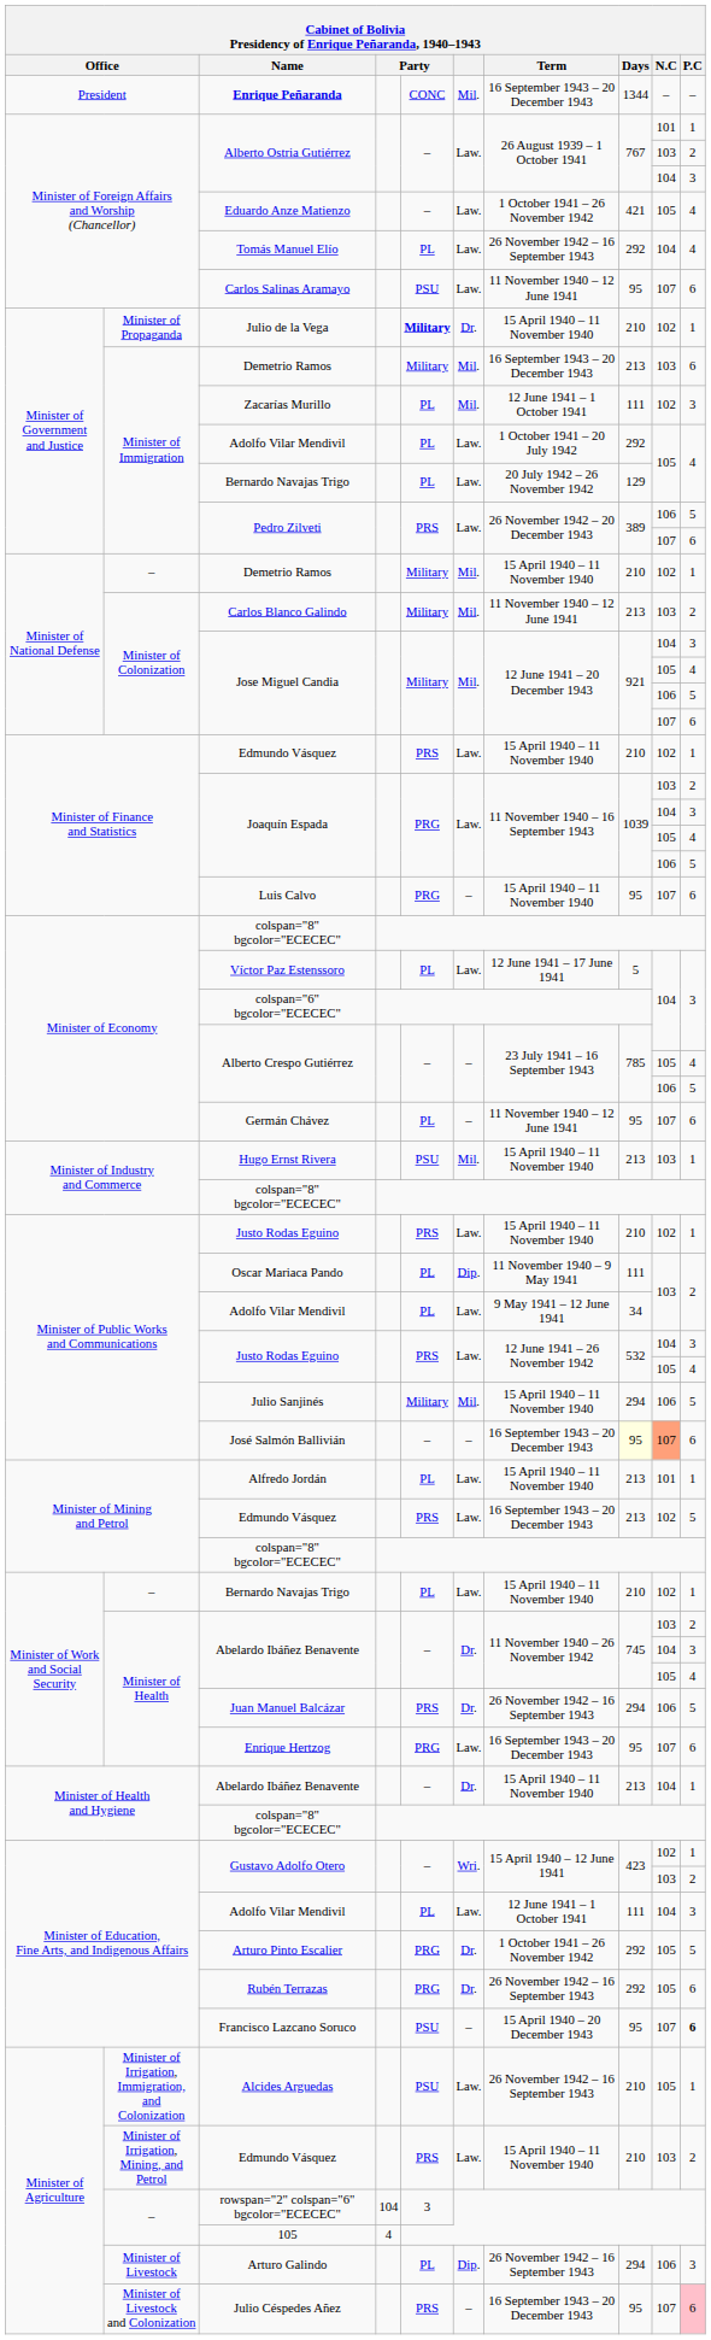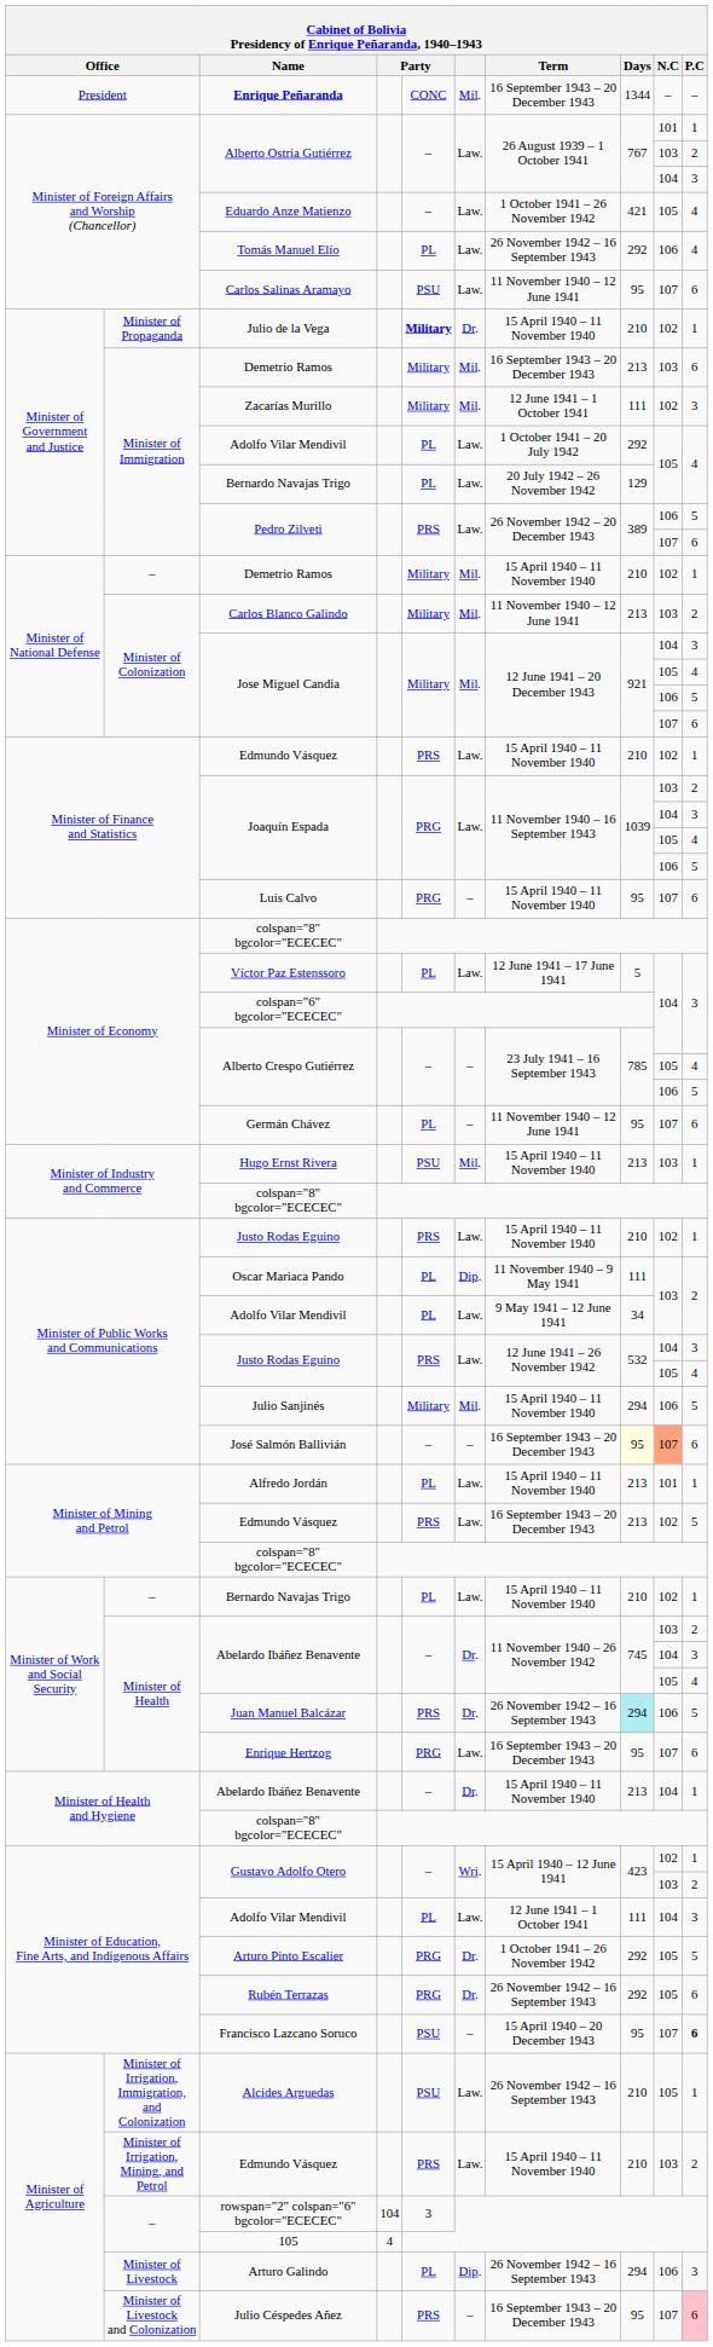 <table class="wikitable" style="text-align:center;">
 <tr>
 <th colspan="10" style="background-color:"><br><a href='#'>Cabinet of Bolivia</a><br>Presidency of <a href='#'>Enrique Peñaranda</a>, 1940–1943</th>
 </tr>
 <tr style="font-weight:bold;">
 <th colspan="2">Office</th>
 <th>Name</th>
 <th colspan="2">Party</th>
 <th></th>
 <th>Term</th>
 <th>Days</th>
 <th>N.C</th>
 <th>P.C<br></th>
 </tr>
 <tr style="height:3em;">
 <td colspan="2"><a href='#'>President</a></td>
 <td><strong><a href='#'>Enrique Peñaranda</a></strong></td>
 <td style="background:"></td>
 <td><a href='#'>CONC</a></td>
 <td><a href='#'>Mil</a>.</td>
 <td>16 September 1943 – 20 December 1943</td>
 <td>1344</td>
 <td>–</td>
 <td>–<br></td>
 </tr>
 <tr style="height:2em;">
 <td colspan="2" rowspan="6"><a href='#'>Minister of Foreign Affairs<br>and Worship</a><br><em>(Chancellor)</em></td>
 <td rowspan="3"><a href='#'>Alberto Ostria Gutiérrez</a></td>
 <td rowspan="3" style="background:"></td>
 <td rowspan="3">–</td>
 <td rowspan="3">Law.</td>
 <td rowspan="3">26 August 1939 – 1 October 1941</td>
 <td rowspan="3">767</td>
 <td>101</td>
 <td>1</td>
 </tr>
 <tr style="height:2em;">
 <td>103</td>
 <td>2</td>
 </tr>
 <tr style="height:2em;">
 <td>104</td>
 <td>3</td>
 </tr>
 <tr style="height:3em;">
 <td><a href='#'>Eduardo Anze Matienzo</a></td>
 <td style="background:"></td>
 <td>–</td>
 <td>Law.</td>
 <td>1 October 1941 – 26 November 1942</td>
 <td>421</td>
 <td>105</td>
 <td>4</td>
 </tr>
 <tr style="height:3em;">
 <td><a href='#'>Tomás Manuel Elío</a></td>
 <td style="background:"></td>
 <td><a href='#'>PL</a></td>
 <td>Law.</td>
 <td>26 November 1942 – 16 September 1943</td>
 <td>292</td>
-<td>104</td>
+<td>106</td>
 <td>4</td>
 </tr>
 <tr style="height:3em;">
 <td><a href='#'>Carlos Salinas Aramayo</a></td>
 <td style="background:"></td>
 <td><a href='#'>PSU</a></td>
 <td>Law.</td>
 <td>11 November 1940 – 12 June 1941</td>
 <td>95</td>
 <td>107</td>
 <td>6<br></td>
 </tr>
 <tr style="height:3em;">
 <td rowspan="7"><a href='#'>Minister of Government<br>and Justice</a></td>
 <td><a href='#'>Minister of<br>Propaganda</a></td>
 <td>Julio de la Vega</td>
 <td style="background:"></td>
 <td><strong><a href='#'>Military</a></strong></td>
 <td><a href='#'>Dr</a>.</td>
 <td>15 April 1940 – 11 November 1940</td>
 <td>210</td>
 <td>102</td>
 <td>1</td>
 </tr>
 <tr style="height:3em;">
 <td rowspan="6"><a href='#'>Minister of<br>Immigration</a></td>
 <td>Demetrio Ramos</td>
 <td style="background:"></td>
 <td><a href='#'>Military</a></td>
 <td><a href='#'>Mil</a>.</td>
 <td>16 September 1943 – 20 December 1943</td>
 <td>213</td>
 <td>103</td>
 <td>6</td>
 </tr>
 <tr style="height:3em;">
 <td>Zacarías Murillo</td>
 <td style="background:"></td>
-<td><a href='#'>PL</a></td>
+<td><a href='#'>Military</a></td>
 <td><a href='#'>Mil</a>.</td>
 <td>12 June 1941 – 1 October 1941</td>
 <td>111</td>
 <td>102</td>
 <td>3</td>
 </tr>
 <tr style="height:3em;">
 <td>Adolfo Vilar Mendivil</td>
 <td style="background:"></td>
 <td><a href='#'>PL</a></td>
 <td>Law.</td>
 <td>1 October 1941 – 20 July 1942</td>
 <td>292</td>
 <td rowspan="2">105</td>
 <td rowspan="2">4</td>
 </tr>
 <tr style="height:3em;">
 <td>Bernardo Navajas Trigo</td>
 <td style="background:"></td>
 <td><a href='#'>PL</a></td>
 <td>Law.</td>
 <td>20 July 1942 – 26 November 1942</td>
 <td>129</td>
 </tr>
 <tr style="height:2em;">
 <td rowspan="2"><a href='#'>Pedro Zilveti</a></td>
 <td rowspan="2" style="background:"></td>
 <td rowspan="2"><a href='#'>PRS</a></td>
 <td rowspan="2">Law.</td>
 <td rowspan="2">26 November 1942 – 20 December 1943</td>
 <td rowspan="2">389</td>
 <td>106</td>
 <td>5</td>
 </tr>
 <tr style="height:2em;">
 <td>107</td>
 <td>6<br></td>
 </tr>
 <tr style="height:3em;">
 <td rowspan="6"><a href='#'>Minister of<br>National Defense</a></td>
 <td>–</td>
 <td>Demetrio Ramos</td>
 <td style="background:"></td>
 <td><a href='#'>Military</a></td>
 <td><a href='#'>Mil</a>.</td>
 <td>15 April 1940 – 11 November 1940</td>
 <td>210</td>
 <td>102</td>
 <td>1</td>
 </tr>
 <tr style="height:3em;">
 <td rowspan="5"><a href='#'>Minister of<br>Colonization</a></td>
 <td><a href='#'>Carlos Blanco Galindo</a></td>
 <td style="background:"></td>
 <td><a href='#'>Military</a></td>
 <td><a href='#'>Mil</a>.</td>
 <td>11 November 1940 – 12 June 1941</td>
 <td>213</td>
 <td>103</td>
 <td>2</td>
 </tr>
 <tr style="height:2em;">
 <td rowspan="4">Jose Miguel Candia</td>
 <td rowspan="4" style="background:"></td>
 <td rowspan="4"><a href='#'>Military</a></td>
 <td rowspan="4"><a href='#'>Mil</a>.</td>
 <td rowspan="4">12 June 1941 – 20 December 1943</td>
 <td rowspan="4">921</td>
 <td>104</td>
 <td>3</td>
 </tr>
 <tr style="height:2em;">
 <td>105</td>
 <td>4</td>
 </tr>
 <tr style="height:2em;">
 <td>106</td>
 <td>5</td>
 </tr>
 <tr style="height:2em;">
 <td>107</td>
 <td>6<br></td>
 </tr>
 <tr style="height:3em;">
 <td colspan="2" rowspan="6"><a href='#'>Minister of Finance<br>and Statistics</a></td>
 <td>Edmundo Vásquez</td>
 <td style="background:"></td>
 <td><a href='#'>PRS</a></td>
 <td>Law.</td>
 <td>15 April 1940 – 11 November 1940</td>
 <td>210</td>
 <td>102</td>
 <td>1</td>
 </tr>
 <tr style="height:2em;">
 <td rowspan="4">Joaquín Espada</td>
 <td rowspan="4" style="background:"></td>
 <td rowspan="4"><a href='#'>PRG</a></td>
 <td rowspan="4">Law.</td>
 <td rowspan="4">11 November 1940 – 16 September 1943</td>
 <td rowspan="4">1039</td>
 <td>103</td>
 <td>2</td>
 </tr>
 <tr style="height:2em;">
 <td>104</td>
 <td>3</td>
 </tr>
 <tr style="height:2em;">
 <td>105</td>
 <td>4</td>
 </tr>
 <tr style="height:2em;">
 <td>106</td>
 <td>5</td>
 </tr>
 <tr style="height:3em;">
 <td>Luis Calvo</td>
 <td style="background:"></td>
 <td><a href='#'>PRG</a></td>
 <td>–</td>
 <td>15 April 1940 – 11 November 1940</td>
 <td>95</td>
 <td>107</td>
 <td>6<br></td>
 </tr>
 <tr>
 <td colspan="2" rowspan="7"><a href='#'>Minister of Economy</a></td>
 <td>colspan="8" bgcolor="ECECEC" </td>
 </tr>
 <tr style="height:3em;">
 <td><a href='#'>Víctor Paz Estenssoro</a></td>
 <td style="background:"></td>
 <td><a href='#'>PL</a></td>
 <td>Law.</td>
 <td>12 June 1941 – 17 June 1941</td>
 <td>5</td>
 <td rowspan="3">104</td>
 <td rowspan="3">3</td>
 </tr>
 <tr>
 <td>colspan="6" bgcolor="ECECEC" </td>
 </tr>
 <tr style="height:2em;">
 <td rowspan="3">Alberto Crespo Gutiérrez</td>
 <td rowspan="3" style="background:"></td>
 <td rowspan="3">–</td>
 <td rowspan="3">–</td>
 <td rowspan="3">23 July 1941 – 16 September 1943</td>
 <td rowspan="3">785</td>
 </tr>
 <tr style="height:2em;">
 <td>105</td>
 <td>4</td>
 </tr>
 <tr style="height:2em;">
 <td>106</td>
 <td>5</td>
 </tr>
 <tr style="height:3em;">
 <td>Germán Chávez</td>
 <td style="background:"></td>
 <td><a href='#'>PL</a></td>
 <td>–</td>
 <td>11 November 1940 – 12 June 1941</td>
 <td>95</td>
 <td>107</td>
 <td>6<br></td>
 </tr>
 <tr style="height:3em;">
 <td colspan="2" rowspan="2"><a href='#'>Minister of Industry<br>and Commerce</a></td>
 <td><a href='#'>Hugo Ernst Rivera</a></td>
 <td style="background:"></td>
 <td><a href='#'>PSU</a></td>
 <td><a href='#'>Mil</a>.</td>
 <td>15 April 1940 – 11 November 1940</td>
 <td>213</td>
 <td>103</td>
 <td>1</td>
 </tr>
 <tr>
 <td>colspan="8" bgcolor="ECECEC" <br></td>
 </tr>
 <tr style="height:3em;">
 <td colspan="2" rowspan="7"><a href='#'>Minister of Public Works<br>and Communications</a></td>
 <td><a href='#'>Justo Rodas Eguino</a></td>
 <td style="background:"></td>
 <td><a href='#'>PRS</a></td>
 <td>Law.</td>
 <td>15 April 1940 – 11 November 1940</td>
 <td>210</td>
 <td>102</td>
 <td>1</td>
 </tr>
 <tr style="height:3em;">
 <td>Oscar Mariaca Pando</td>
 <td style="background:"></td>
 <td><a href='#'>PL</a></td>
 <td><a href='#'>Dip</a>.</td>
 <td>11 November 1940 – 9 May 1941</td>
 <td>111</td>
 <td rowspan="2">103</td>
 <td rowspan="2">2</td>
 </tr>
 <tr style="height:3em;">
 <td>Adolfo Vilar Mendivil</td>
 <td style="background:"></td>
 <td><a href='#'>PL</a></td>
 <td>Law.</td>
 <td>9 May 1941 – 12 June 1941</td>
 <td>34</td>
 </tr>
 <tr style="height:2em;">
 <td rowspan="2"><a href='#'>Justo Rodas Eguino</a></td>
 <td rowspan="2" style="background:"></td>
 <td rowspan="2"><a href='#'>PRS</a></td>
 <td rowspan="2">Law.</td>
 <td rowspan="2">12 June 1941 – 26 November 1942</td>
 <td rowspan="2">532</td>
 <td>104</td>
 <td>3</td>
 </tr>
 <tr style="height:2em;">
 <td>105</td>
 <td>4</td>
 </tr>
 <tr style="height:3em;">
 <td>Julio Sanjinés</td>
 <td style="background:"></td>
 <td><a href='#'>Military</a></td>
 <td><a href='#'>Mil</a>.</td>
 <td>15 April 1940 – 11 November 1940</td>
 <td>294</td>
 <td>106</td>
 <td>5</td>
 </tr>
 <tr style="height:3em;">
 <td>José Salmón Ballivián</td>
 <td style="background:"></td>
 <td>–</td>
 <td>–</td>
 <td>16 September 1943 – 20 December 1943</td>
 <td style="background: lightyellow;">95</td>
 <td style="background: lightsalmon;">107</td>
 <td>6<br></td>
 </tr>
 <tr style="height:3em;">
 <td colspan="2" rowspan="3"><a href='#'>Minister of Mining<br>and Petrol</a></td>
 <td>Alfredo Jordán</td>
 <td style="background:"></td>
 <td><a href='#'>PL</a></td>
 <td>Law.</td>
 <td>15 April 1940 – 11 November 1940</td>
 <td>213</td>
 <td>101</td>
 <td>1</td>
 </tr>
 <tr style="height:3em;">
 <td>Edmundo Vásquez</td>
 <td style="background:"></td>
 <td><a href='#'>PRS</a></td>
 <td>Law.</td>
 <td>16 September 1943 – 20 December 1943</td>
 <td>213</td>
 <td>102</td>
 <td>5</td>
 </tr>
 <tr>
 <td>colspan="8" bgcolor="ECECEC" <br></td>
 </tr>
 <tr style="height:3em;">
 <td rowspan="6"><a href='#'>Minister of Work<br>and Social Security</a></td>
 <td>–</td>
 <td>Bernardo Navajas Trigo</td>
 <td style="background:"></td>
 <td><a href='#'>PL</a></td>
 <td>Law.</td>
 <td>15 April 1940 – 11 November 1940</td>
 <td>210</td>
 <td>102</td>
 <td>1</td>
 </tr>
 <tr style="height:2em;">
 <td rowspan="5"><a href='#'>Minister of Health</a></td>
 <td rowspan="3">Abelardo Ibáñez Benavente</td>
 <td rowspan="3" style="background:"></td>
 <td rowspan="3">–</td>
 <td rowspan="3"><a href='#'>Dr</a>.</td>
 <td rowspan="3">11 November 1940 – 26 November 1942</td>
 <td rowspan="3">745</td>
 <td>103</td>
 <td>2</td>
 </tr>
 <tr style="height:2em;">
 <td>104</td>
 <td>3</td>
 </tr>
 <tr style="height:2em;">
 <td>105</td>
 <td>4</td>
 </tr>
 <tr style="height:3em;">
 <td><a href='#'>Juan Manuel Balcázar</a></td>
 <td style="background:"></td>
 <td><a href='#'>PRS</a></td>
 <td><a href='#'>Dr</a>.</td>
 <td>26 November 1942 – 16 September 1943</td>
-<td>294</td>
+<td style="background: paleturquoise;">294</td>
 <td>106</td>
 <td>5</td>
 </tr>
 <tr style="height:3em;">
 <td><a href='#'>Enrique Hertzog</a></td>
 <td style="background:"></td>
 <td><a href='#'>PRG</a></td>
 <td>Law.</td>
 <td>16 September 1943 – 20 December 1943</td>
 <td>95</td>
 <td>107</td>
 <td>6<br></td>
 </tr>
 <tr style="height:3em;">
 <td colspan="2" rowspan="2"><a href='#'>Minister of Health<br>and Hygiene</a></td>
 <td>Abelardo Ibáñez Benavente</td>
 <td style="background:"></td>
 <td>–</td>
 <td><a href='#'>Dr</a>.</td>
 <td>15 April 1940 – 11 November 1940</td>
 <td>213</td>
 <td>104</td>
 <td>1</td>
 </tr>
 <tr>
 <td>colspan="8" bgcolor="ECECEC" <br></td>
 </tr>
 <tr style="height:2em;">
 <td colspan="2" rowspan="6"><a href='#'>Minister of Education,<br>Fine Arts, and Indigenous Affairs</a></td>
 <td rowspan="2"><a href='#'>Gustavo Adolfo Otero</a></td>
 <td rowspan="2" style="background:"></td>
 <td rowspan="2">–</td>
 <td rowspan="2"><a href='#'>Wri</a>.</td>
 <td rowspan="2">15 April 1940 – 12 June 1941</td>
 <td rowspan="2">423</td>
 <td>102</td>
 <td>1</td>
 </tr>
 <tr style="height:2em;">
 <td>103</td>
 <td>2</td>
 </tr>
 <tr style="height:3em;">
 <td>Adolfo Vilar Mendivil</td>
 <td style="background:"></td>
 <td><a href='#'>PL</a></td>
 <td>Law.</td>
 <td>12 June 1941 – 1 October 1941</td>
 <td>111</td>
 <td>104</td>
 <td>3</td>
 </tr>
 <tr style="height:3em;">
 <td><a href='#'>Arturo Pinto Escalier</a></td>
 <td style="background:"></td>
 <td><a href='#'>PRG</a></td>
 <td><a href='#'>Dr</a>.</td>
 <td>1 October 1941 – 26 November 1942</td>
 <td>292</td>
 <td>105</td>
 <td>5</td>
 </tr>
 <tr style="height:3em;">
 <td><a href='#'>Rubén Terrazas</a></td>
 <td style="background:"></td>
 <td><a href='#'>PRG</a></td>
 <td><a href='#'>Dr</a>.</td>
 <td>26 November 1942 – 16 September 1943</td>
 <td>292</td>
 <td>105</td>
 <td>6</td>
 </tr>
 <tr style="height:3em;">
 <td>Francisco Lazcano Soruco</td>
 <td style="background:"></td>
 <td><a href='#'>PSU</a></td>
 <td>–</td>
 <td>15 April 1940 – 20 December 1943</td>
 <td>95</td>
 <td>107</td>
 <td><strong>6<br></strong></td>
 </tr>
 <tr style="height:3em;">
 <td rowspan="6"><a href='#'>Minister of Agriculture</a></td>
 <td><a href='#'>Minister of Irrigation</a>,<br><a href='#'>Immigration, and<br>Colonization</a></td>
 <td><a href='#'>Alcides Arguedas</a></td>
 <td style="background:"></td>
 <td><a href='#'>PSU</a></td>
 <td>Law.</td>
 <td>26 November 1942 – 16 September 1943</td>
 <td>210</td>
 <td>105</td>
 <td>1</td>
 </tr>
 <tr style="height:3em;">
 <td><a href='#'>Minister of Irrigation</a>,<br><a href='#'>Mining, and Petrol</a></td>
 <td>Edmundo Vásquez</td>
 <td style="background:"></td>
 <td><a href='#'>PRS</a></td>
 <td>Law.</td>
 <td>15 April 1940 – 11 November 1940</td>
 <td>210</td>
 <td>103</td>
 <td>2</td>
 </tr>
 <tr>
 <td rowspan="2">–</td>
 <td>rowspan="2" colspan="6" bgcolor="ECECEC" </td>
 <td>104</td>
 <td>3</td>
 </tr>
 <tr>
 <td>105</td>
 <td>4</td>
 </tr>
 <tr style="height:3em;">
 <td><a href='#'>Minister of Livestock</a></td>
 <td>Arturo Galindo</td>
 <td style="background:"></td>
 <td><a href='#'>PL</a></td>
 <td><a href='#'>Dip</a>.</td>
 <td>26 November 1942 – 16 September 1943</td>
 <td>294</td>
 <td>106</td>
 <td>3</td>
 </tr>
 <tr style="height:3em;">
 <td><a href='#'>Minister of Livestock</a><br>and <a href='#'>Colonization</a></td>
 <td>Julio Céspedes Añez</td>
 <td style="background:"></td>
 <td><a href='#'>PRS</a></td>
 <td>–</td>
 <td>16 September 1943 – 20 December 1943</td>
 <td>95</td>
 <td>107</td>
 <td style="background: pink;">6</td>
 </tr>
 </table>
